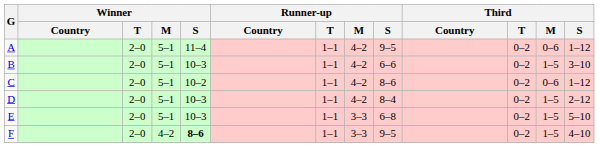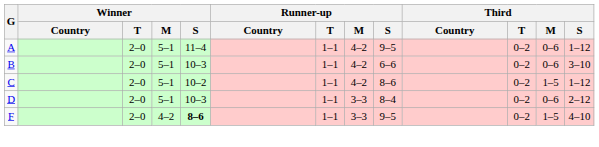 <table class="wikitable nowrap" style=text-align:center>
 <tr>
 <th rowspan=2>G</th>
 <th colspan=4>Winner</th>
 <th colspan=4>Runner-up</th>
 <th colspan=4>Third</th>
 </tr>
 <tr>
 <th width=170>Country</th>
 <th width=40>T</th>
 <th width=40>M</th>
 <th width=40>S</th>
 <th width=170>Country</th>
 <th width=40>T</th>
 <th width=40>M</th>
 <th width=40>S</th>
 <th width=170>Country</th>
 <th width=40>T</th>
 <th width=40>M</th>
 <th width=40>S</th>
 </tr>
 <tr>
 <td><a href='#'>A</a></td>
 <td style=text-align:left;background:#ccffcc> </td>
 <td style=background:#ccffcc>2–0</td>
 <td style=background:#ccffcc>5–1</td>
 <td style=background:#ccffcc>11–4</td>
 <td style=text-align:left;background:#ffcccc> </td>
 <td style=background:#ffcccc>1–1</td>
 <td style=background:#ffcccc>4–2</td>
 <td style=background:#ffcccc>9–5</td>
 <td style=text-align:left;background:#ffcccc></td>
 <td style=background:#ffcccc>0–2</td>
 <td style=background:#ffcccc>0–6</td>
 <td style=background:#ffcccc>1–12</td>
 </tr>
 <tr>
 <td><a href='#'>B</a></td>
 <td style=text-align:left;background:#ccffcc></td>
 <td style=background:#ccffcc>2–0</td>
 <td style=background:#ccffcc>5–1</td>
 <td style=background:#ccffcc>10–3</td>
 <td style=text-align:left;background:#ffcccc> </td>
 <td style="background: #ffcccc">1–1</td>
 <td style="background: #ffcccc">4–2</td>
 <td style="background: #ffcccc">6–6</td>
 <td style=text-align:left;background:#ffcccc></td>
 <td style="background: #ffcccc">0–2</td>
-<td style="background: #ffcccc">1–5</td>
+<td style="background: #ffcccc">0–6</td>
 <td style="background: #ffcccc">3–10</td>
 </tr>
 <tr>
 <td><a href='#'>C</a></td>
 <td style=text-align:left;background:#ccffcc></td>
 <td style="background: #ccffcc">2–0</td>
 <td style="background: #ccffcc">5–1</td>
 <td style="background: #ccffcc">10–2</td>
 <td style=text-align:left;background:#ffcccc> </td>
 <td style="background: #ffcccc">1–1</td>
 <td style="background: #ffcccc">4–2</td>
 <td style="background: #ffcccc">8–6</td>
 <td style=text-align:left;background:#ffcccc></td>
 <td style="background: #ffcccc">0–2</td>
-<td style="background: #ffcccc">0–6</td>
+<td style="background: #ffcccc">1–5</td>
 <td style="background: #ffcccc">1–12</td>
 </tr>
 <tr>
 <td><a href='#'>D</a></td>
 <td style=text-align:left;background:#ccffcc></td>
 <td style=background:#ccffcc>2–0</td>
 <td style=background:#ccffcc>5–1</td>
 <td style=background:#ccffcc>10–3</td>
 <td style=text-align:left;background:#ffcccc> </td>
 <td style="background: #ffcccc">1–1</td>
-<td style="background: #ffcccc">4–2</td>
+<td style="background: #ffcccc">3–3</td>
 <td style="background: #ffcccc">8–4</td>
 <td style=text-align:left;background:#ffcccc></td>
 <td style="background: #ffcccc">0–2</td>
-<td style="background: #ffcccc">1–5</td>
+<td style="background: #ffcccc">0–6</td>
 <td style="background: #ffcccc">2–12</td>
-</tr>
-<tr>
-<td><a href='#'>E</a></td>
-<td style=text-align:left;background:#ccffcc></td>
-<td style=background:#ccffcc>2–0</td>
-<td style=background:#ccffcc>5–1</td>
-<td style=background:#ccffcc>10–3</td>
-<td style=text-align:left;background:#ffcccc> </td>
-<td style="background: #ffcccc">1–1</td>
-<td style="background: #ffcccc">3–3</td>
-<td style="background: #ffcccc">6–8</td>
-<td style=text-align:left;background:#ffcccc></td>
-<td style="background: #ffcccc">0–2</td>
-<td style="background: #ffcccc">1–5</td>
-<td style="background: #ffcccc">5–10</td>
 </tr>
 <tr>
 <td><a href='#'>F</a></td>
 <td style=text-align:left;background:#ccffcc> </td>
 <td style=background:#ccffcc>2–0</td>
 <td style=background:#ccffcc>4–2</td>
 <td style=background:#ccffcc><strong>8–6</strong></td>
 <td style=text-align:left;background:#ffcccc> </td>
 <td style="background: #ffcccc">1–1</td>
 <td style="background: #ffcccc">3–3</td>
 <td style="background: #ffcccc">9–5</td>
 <td style=text-align:left;background:#ffcccc></td>
 <td style="background: #ffcccc">0–2</td>
 <td style="background: #ffcccc">1–5</td>
 <td style="background: #ffcccc">4–10</td>
 </tr>
 </table>
